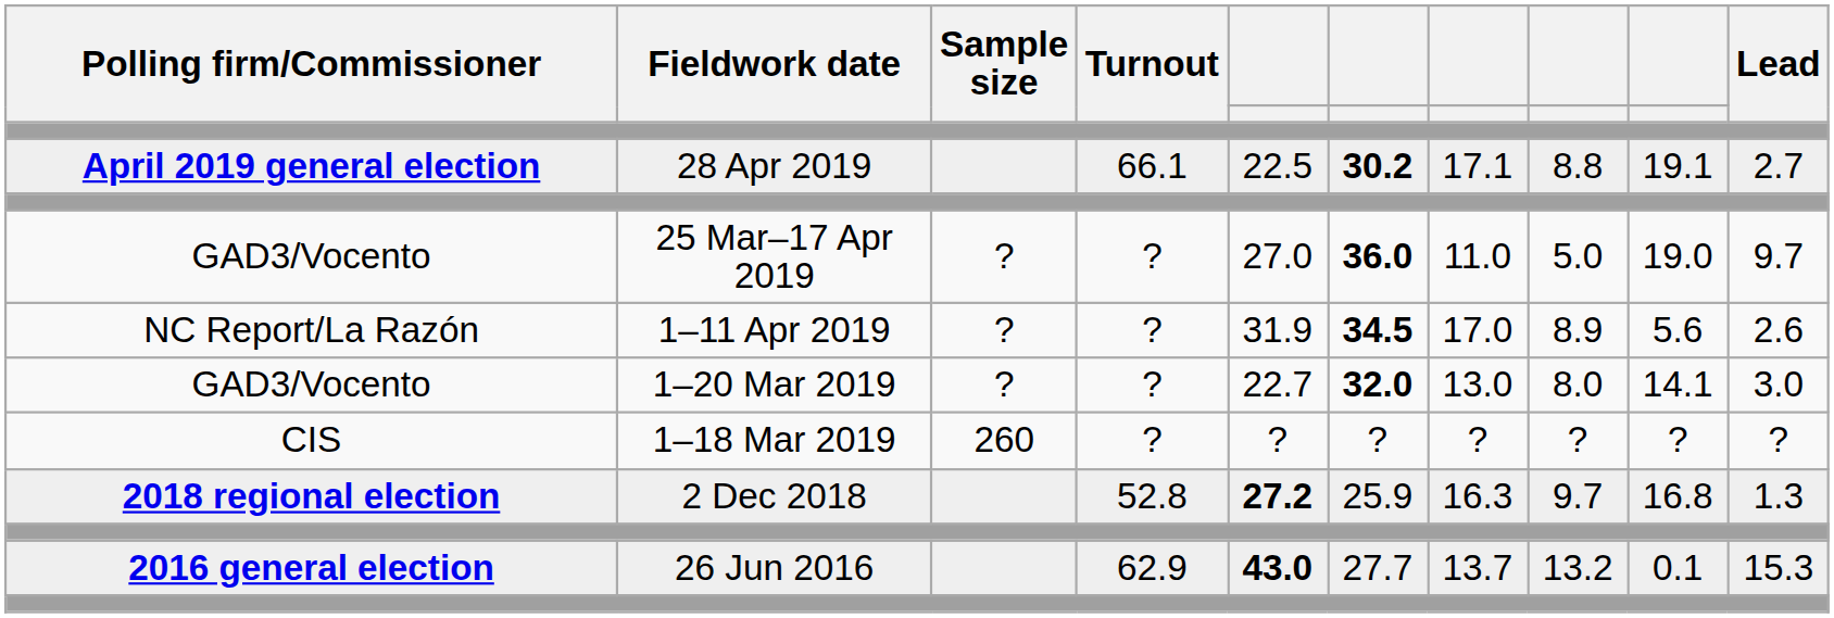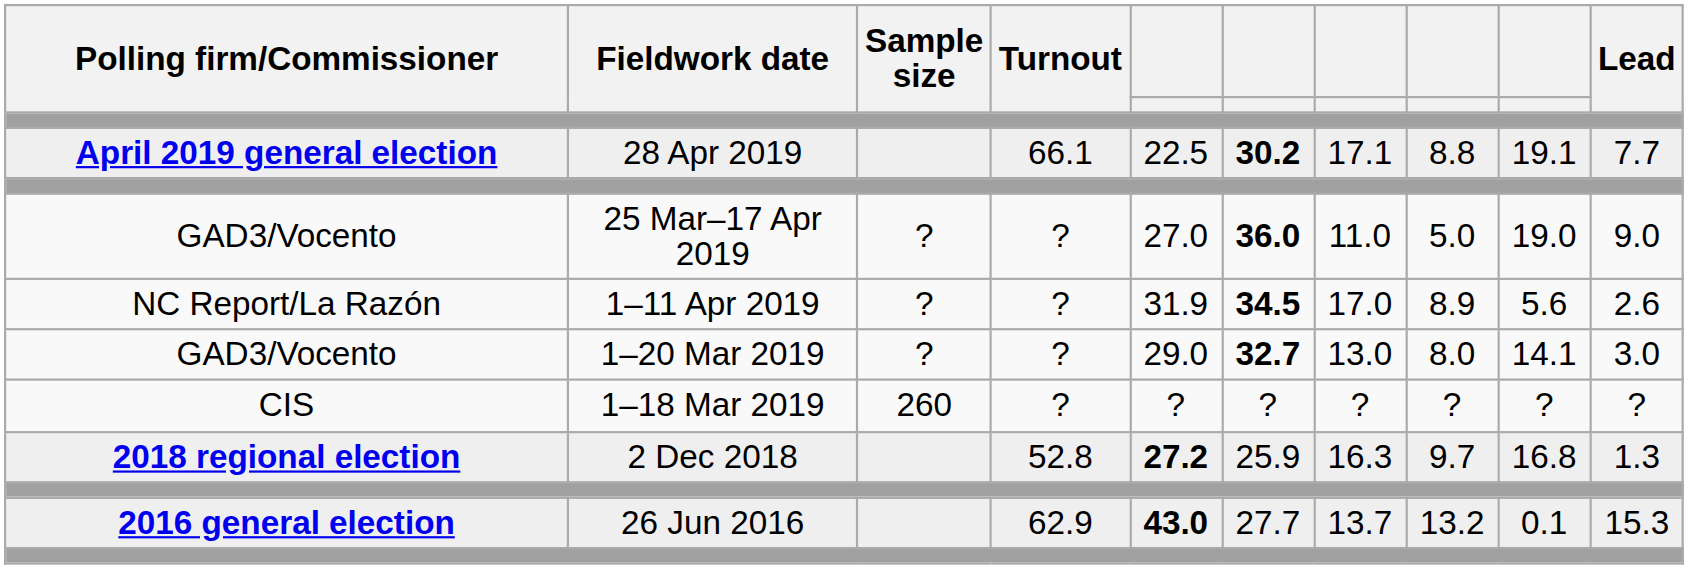 <table class="wikitable collapsible collapsed" style="text-align:center; font-size:95%; line-height:16px;">
 <tr style="height:42px;">
 <th style="width:250px;" rowspan="2">Polling firm/Commissioner</th>
 <th style="width:125px;" rowspan="2">Fieldwork date</th>
 <th style="width:50px;" rowspan="2">Sample size</th>
 <th style="width:45px;" rowspan="2">Turnout</th>
 <th style="width:35px;"></th>
 <th style="width:35px;"></th>
 <th style="width:35px;"></th>
 <th style="width:35px;"></th>
 <th style="width:35px;"></th>
 <th style="width:30px;" rowspan="2">Lead</th>
 </tr>
 <tr>
 <th style="color:inherit;background:"></th>
 <th style="color:inherit;background:"></th>
 <th style="color:inherit;background:"></th>
 <th style="color:inherit;background:"></th>
 <th style="color:inherit;background:"></th>
 </tr>
 <tr>
 <td colspan="10" style="background:#A0A0A0"></td>
 </tr>
 <tr style="background:#EFEFEF;">
 <td><strong><a href='#'>April 2019 general election</a></strong></td>
 <td>28 Apr 2019</td>
 <td></td>
 <td>66.1</td>
 <td>22.5<br></td>
 <td><strong>30.2</strong><br></td>
 <td>17.1<br></td>
 <td>8.8<br></td>
 <td>19.1<br></td>
-<td style="background:">2.7</td>
+<td style="background:">7.7</td>
 </tr>
 <tr>
 <td colspan="10" style="background:#A0A0A0"></td>
 </tr>
 <tr>
 <td>GAD3/Vocento</td>
 <td>25 Mar–17 Apr 2019</td>
 <td>?</td>
 <td>?</td>
 <td>27.0<br></td>
 <td><strong>36.0</strong><br></td>
 <td>11.0<br></td>
 <td>5.0<br></td>
 <td>19.0<br></td>
-<td style="background:">9.7</td>
+<td style="background:">9.0</td>
 </tr>
 <tr>
 <td>NC Report/La Razón</td>
 <td>1–11 Apr 2019</td>
 <td>?</td>
 <td>?</td>
 <td>31.9<br></td>
 <td><strong>34.5</strong><br></td>
 <td>17.0<br></td>
 <td>8.9<br></td>
 <td>5.6<br></td>
 <td style="background:">2.6</td>
 </tr>
 <tr>
 <td>GAD3/Vocento</td>
 <td>1–20 Mar 2019</td>
 <td>?</td>
 <td>?</td>
-<td>22.7<br></td>
-<td><strong>32.0</strong><br></td>
+<td>29.0<br></td>
+<td><strong>32.7</strong><br></td>
 <td>13.0<br></td>
 <td>8.0<br></td>
 <td>14.1<br></td>
 <td style="background:">3.0</td>
 </tr>
 <tr>
 <td>CIS</td>
 <td>1–18 Mar 2019</td>
 <td>260</td>
 <td>?</td>
 <td>?<br></td>
 <td>?<br></td>
 <td>?<br></td>
 <td>?<br></td>
 <td>?<br></td>
 <td style="background:">?</td>
 </tr>
 <tr style="background:#EFEFEF;">
 <td><strong><a href='#'>2018 regional election</a></strong></td>
 <td>2 Dec 2018</td>
 <td></td>
 <td>52.8</td>
 <td><strong>27.2</strong><br></td>
 <td>25.9<br></td>
 <td>16.3<br></td>
 <td>9.7<br></td>
 <td>16.8<br></td>
 <td style="background:">1.3</td>
 </tr>
 <tr>
 <td colspan="10" style="background:#A0A0A0"></td>
 </tr>
 <tr style="background:#EFEFEF;">
 <td><strong><a href='#'>2016 general election</a></strong></td>
 <td>26 Jun 2016</td>
 <td></td>
 <td>62.9</td>
 <td><strong>43.0</strong><br></td>
 <td>27.7<br></td>
 <td>13.7<br></td>
 <td>13.2<br></td>
 <td>0.1<br></td>
 <td style="background:">15.3</td>
 </tr>
 <tr>
 <td colspan="10" style="background:#A0A0A0"></td>
 </tr>
 </table>
